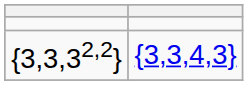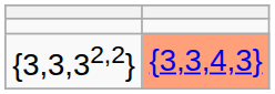 <table class=wikitable>
 <tr>
 <th></th>
 <th></th>
 </tr>
 <tr>
 <td></td>
 <td></td>
 </tr>
 <tr>
 <td>{3,3,3<sup>2,2</sup>}</td>
-<td><a href='#'>{3,3,4,3}</a></td>
+<td style="background: lightsalmon;"><a href='#'>{3,3,4,3}</a></td>
 </tr>
 </table>
